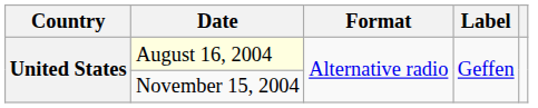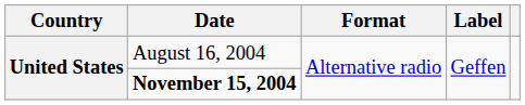 <table class="wikitable plainrowheaders">
 <tr>
 <th scope="col">Country</th>
 <th scope="col">Date</th>
 <th scope="col">Format</th>
 <th scope="col">Label</th>
 <th scope="col"></th>
 </tr>
 <tr>
 <th scope="row" rowspan="2">United States</th>
-<td style="background: lightyellow;">August 16, 2004</td>
+<td>August 16, 2004</td>
 <td rowspan="2"><a href='#'>Alternative radio</a></td>
 <td rowspan="2"><a href='#'>Geffen</a></td>
 <td align="center" rowspan="2"></td>
 </tr>
 <tr>
-<td>November 15, 2004</td>
+<td><strong>November 15, 2004</strong></td>
 </tr>
 </table>
